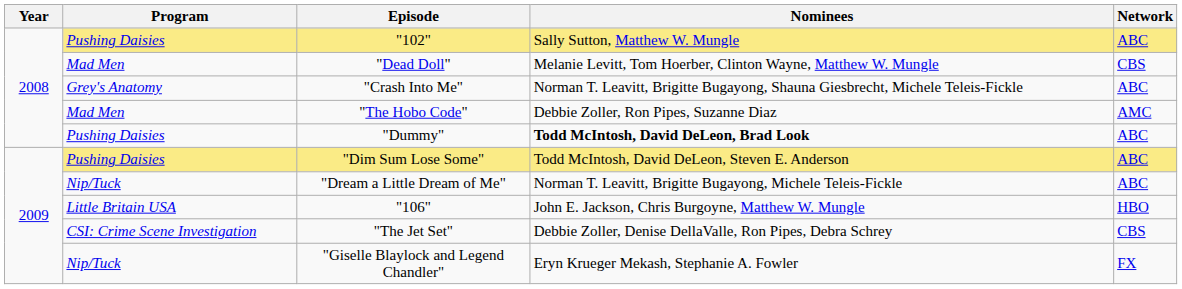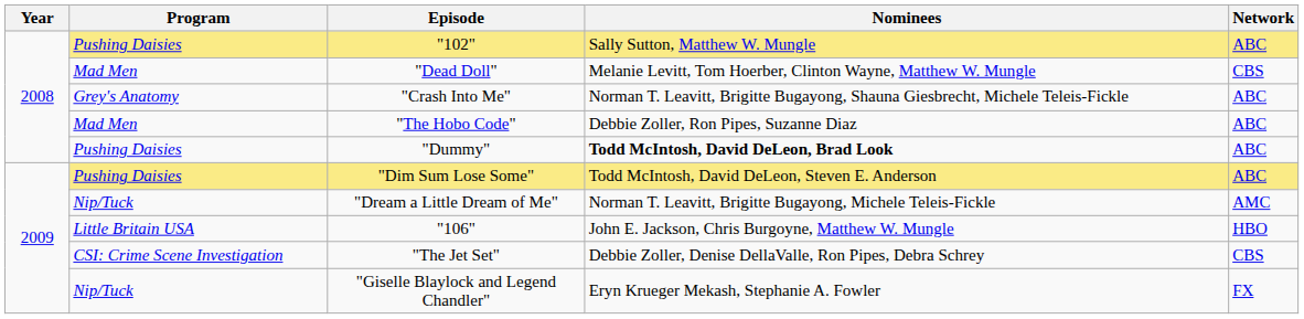 <table class="wikitable">
 <tr>
 <th width="5%">Year</th>
 <th width="20%">Program</th>
 <th width="20%">Episode</th>
 <th width="50%">Nominees</th>
 <th width="5%">Network</th>
 </tr>
 <tr>
 <td rowspan="5" style="text-align:center;"><a href='#'>2008</a><br></td>
 <td style="background:#FAEB86;"><em><a href='#'>Pushing Daisies</a></em></td>
 <td style="background:#FAEB86;" align=center>"102"</td>
 <td style="background:#FAEB86;">Sally Sutton, <a href='#'>Matthew W. Mungle</a></td>
 <td style="background:#FAEB86;"><a href='#'>ABC</a></td>
 </tr>
 <tr>
 <td><em><a href='#'>Mad Men</a></em></td>
 <td align=center>"<a href='#'>Dead Doll</a>"</td>
 <td>Melanie Levitt, Tom Hoerber, Clinton Wayne, <a href='#'>Matthew W. Mungle</a></td>
 <td><a href='#'>CBS</a></td>
 </tr>
 <tr>
 <td><em><a href='#'>Grey's Anatomy</a></em></td>
 <td align=center>"Crash Into Me"</td>
 <td>Norman T. Leavitt, Brigitte Bugayong, Shauna Giesbrecht, Michele Teleis-Fickle</td>
 <td><a href='#'>ABC</a></td>
 </tr>
 <tr>
 <td><em><a href='#'>Mad Men</a></em></td>
 <td align=center>"<a href='#'>The Hobo Code</a>"</td>
 <td>Debbie Zoller, Ron Pipes, Suzanne Diaz</td>
-<td><a href='#'>AMC</a></td>
+<td><a href='#'>ABC</a></td>
 </tr>
 <tr>
 <td><em><a href='#'>Pushing Daisies</a></em></td>
 <td align=center>"Dummy"</td>
 <td><strong>Todd McIntosh, David DeLeon, Brad Look</strong></td>
 <td><a href='#'>ABC</a></td>
 </tr>
 <tr>
 <td rowspan="5" style="text-align:center;"><a href='#'>2009</a><br></td>
 <td style="background:#FAEB86;"><em><a href='#'>Pushing Daisies</a></em></td>
 <td style="background:#FAEB86;" align=center>"Dim Sum Lose Some"</td>
 <td style="background:#FAEB86;">Todd McIntosh, David DeLeon, Steven E. Anderson</td>
 <td style="background:#FAEB86;"><a href='#'>ABC</a></td>
 </tr>
 <tr>
 <td><em><a href='#'>Nip/Tuck</a></em></td>
 <td align=center>"Dream a Little Dream of Me"</td>
 <td>Norman T. Leavitt, Brigitte Bugayong, Michele Teleis-Fickle</td>
-<td><a href='#'>ABC</a></td>
+<td><a href='#'>AMC</a></td>
 </tr>
 <tr>
 <td><em><a href='#'>Little Britain USA</a></em></td>
 <td align=center>"106"</td>
 <td>John E. Jackson, Chris Burgoyne, <a href='#'>Matthew W. Mungle</a></td>
 <td><a href='#'>HBO</a></td>
 </tr>
 <tr>
 <td><em><a href='#'>CSI: Crime Scene Investigation</a></em></td>
 <td align=center>"The Jet Set"</td>
 <td>Debbie Zoller, Denise DellaValle, Ron Pipes, Debra Schrey</td>
 <td><a href='#'>CBS</a></td>
 </tr>
 <tr>
 <td><em><a href='#'>Nip/Tuck</a></em></td>
 <td align=center>"Giselle Blaylock and Legend Chandler"</td>
 <td>Eryn Krueger Mekash, Stephanie A. Fowler</td>
 <td><a href='#'>FX</a></td>
 </tr>
 </table>
